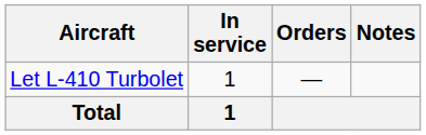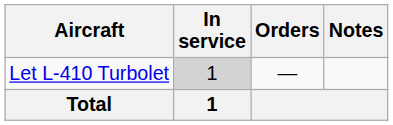 <table class="wikitable" style="margin:0.5em auto; text-align:center">
 <tr>
 <th>Aircraft</th>
 <th>In <br> service</th>
 <th>Orders</th>
 <th>Notes</th>
 </tr>
 <tr>
 <td><a href='#'>Let L-410 Turbolet</a></td>
-<td>1</td>
+<td style="background: lightgrey;">1</td>
 <td>—</td>
 <td></td>
 </tr>
 <tr>
 <th>Total</th>
 <th>1</th>
 <th colspan=2></th>
 </tr>
 </table>
